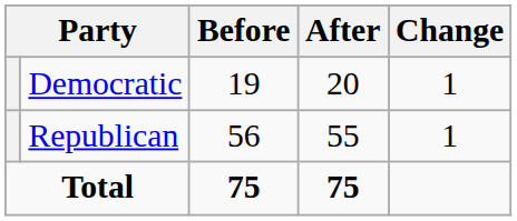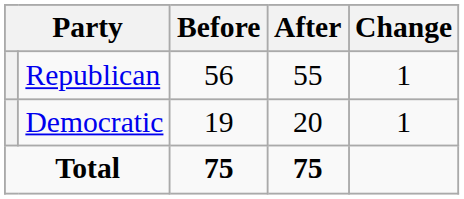 <table class="wikitable" style="text-align:center;">
 <tr>
 <th colspan="2">Party</th>
 <th>Before</th>
 <th>After</th>
 <th>Change</th>
 </tr>
 <tr>
 <th style="background-color:"></th>
-<td style="text-align:left;"><a href='#'>Democratic</a></td>
-<td>19</td>
-<td>20</td>
+<td style="text-align:left;"><a href='#'>Republican</a></td>
+<td>56</td>
+<td>55</td>
 <td> 1</td>
 </tr>
 <tr>
 <th style="background-color:"></th>
-<td style="text-align:left;"><a href='#'>Republican</a></td>
-<td>56</td>
-<td>55</td>
+<td style="text-align:left;"><a href='#'>Democratic</a></td>
+<td>19</td>
+<td>20</td>
 <td> 1</td>
 </tr>
 <tr>
 <td colspan="2"><strong>Total</strong></td>
 <td><strong>75</strong></td>
 <td><strong>75</strong></td>
 <td></td>
 </tr>
 </table>
